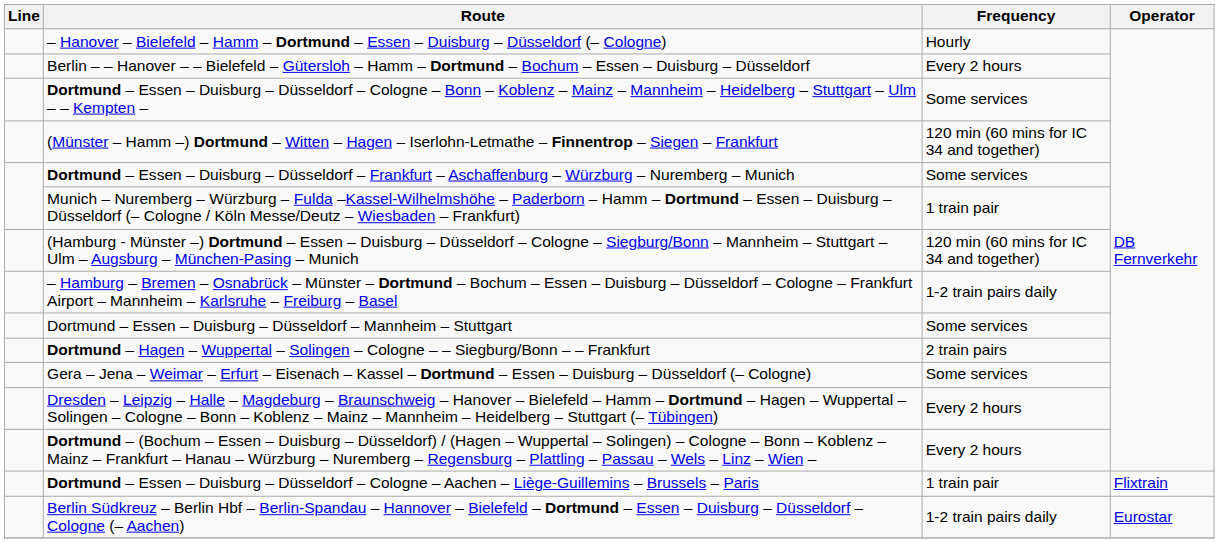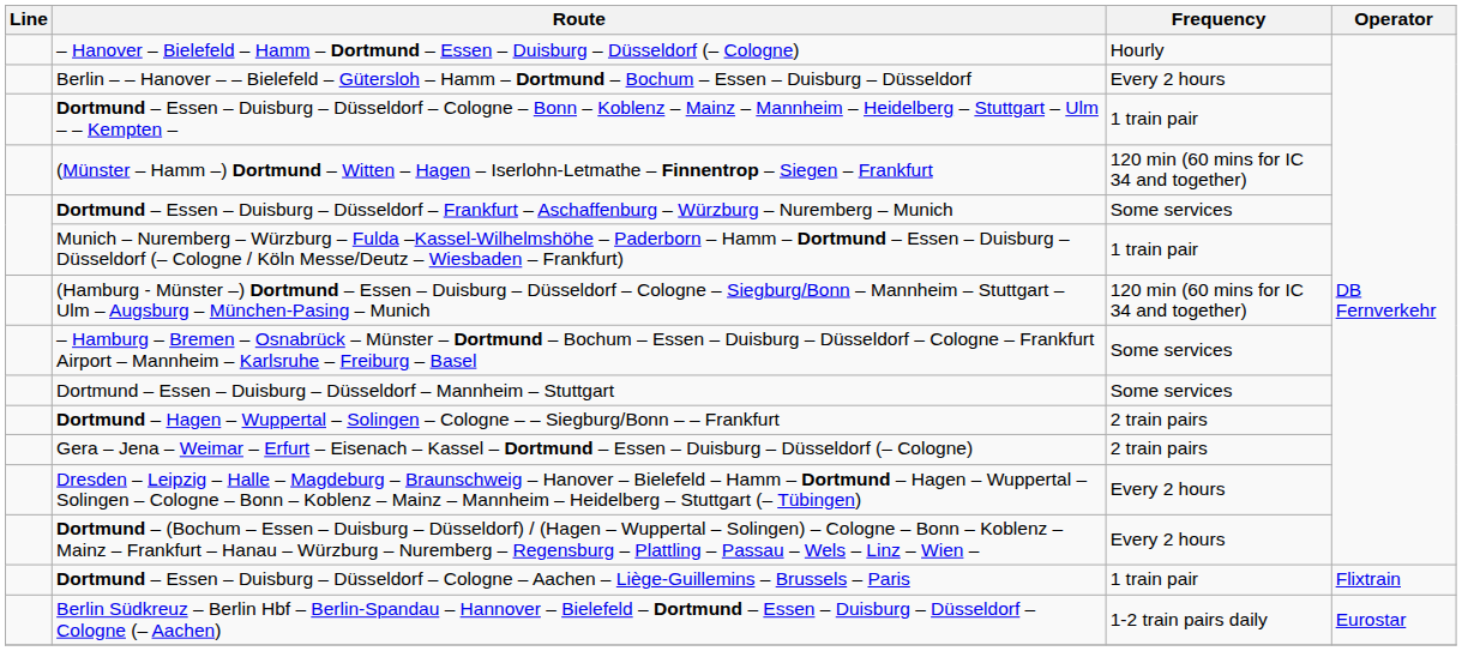 <table class="wikitable zebra">
 <tr class="hintergrundfarbe5">
 <th>Line</th>
 <th>Route</th>
 <th>Frequency</th>
 <th>Operator</th>
 </tr>
 <tr>
 <td></td>
 <td> – <a href='#'>Hanover</a> – <a href='#'>Bielefeld</a> – <a href='#'>Hamm</a> – <strong>Dortmund</strong> – <a href='#'>Essen</a> – <a href='#'>Duisburg</a> – <a href='#'>Düsseldorf</a> (– <a href='#'>Cologne</a>)</td>
 <td>Hourly</td>
 <td rowspan="13"><a href='#'>DB Fernverkehr</a></td>
 </tr>
 <tr>
 <td></td>
 <td>Berlin –  – Hanover –  – Bielefeld – <a href='#'>Gütersloh</a> – Hamm – <strong>Dortmund</strong> – <a href='#'>Bochum</a> – Essen – Duisburg – Düsseldorf</td>
 <td>Every 2 hours</td>
 </tr>
 <tr>
 <td></td>
 <td><strong>Dortmund</strong> – Essen – Duisburg – Düsseldorf – Cologne – <a href='#'>Bonn</a> – <a href='#'>Koblenz</a> – <a href='#'>Mainz</a> – <a href='#'>Mannheim</a> – <a href='#'>Heidelberg</a> – <a href='#'>Stuttgart</a> – <a href='#'>Ulm</a> –  – <a href='#'>Kempten</a> – </td>
-<td>Some services</td>
+<td>1 train pair</td>
 </tr>
 <tr>
 <td></td>
 <td>(<a href='#'>Münster</a> – Hamm –) <strong>Dortmund</strong> – <a href='#'>Witten</a> – <a href='#'>Hagen</a> – Iserlohn-Letmathe – <strong>Finnentrop</strong> – <a href='#'>Siegen</a> – <a href='#'>Frankfurt</a></td>
 <td>120 min (60 mins for IC 34 and  together)</td>
 </tr>
 <tr>
 <td rowspan="2"></td>
 <td><strong>Dortmund</strong> – Essen – Duisburg – Düsseldorf –   <a href='#'>Frankfurt</a> – <a href='#'>Aschaffenburg</a> – <a href='#'>Würzburg</a> – Nuremberg – Munich</td>
 <td>Some services</td>
 </tr>
 <tr>
 <td>Munich – Nuremberg – Würzburg – <a href='#'>Fulda</a> –<a href='#'>Kassel-Wilhelmshöhe</a> – <a href='#'>Paderborn</a> – Hamm – <strong>Dortmund</strong> – Essen – Duisburg – Düsseldorf (– Cologne / Köln Messe/Deutz – <a href='#'>Wiesbaden</a> – Frankfurt)</td>
 <td>1 train pair</td>
 </tr>
 <tr>
 <td></td>
 <td>(Hamburg - Münster –) <strong>Dortmund</strong> – Essen – Duisburg – Düsseldorf – Cologne – <a href='#'>Siegburg/Bonn</a> –  Mannheim – Stuttgart – Ulm – <a href='#'>Augsburg</a> – <a href='#'>München-Pasing</a> – Munich</td>
 <td>120 min (60 mins for IC 34 and  together)</td>
 </tr>
 <tr>
 <td></td>
 <td> – <a href='#'>Hamburg</a> – <a href='#'>Bremen</a> – <a href='#'>Osnabrück</a> – Münster – <strong>Dortmund</strong> – Bochum – Essen – Duisburg – Düsseldorf – Cologne  – Frankfurt Airport – Mannheim – <a href='#'>Karlsruhe</a> – <a href='#'>Freiburg</a> – <a href='#'>Basel</a></td>
-<td>1-2 train pairs daily</td>
+<td>Some services</td>
 </tr>
 <tr>
 <td></td>
 <td>Dortmund – Essen – Duisburg – Düsseldorf –    Mannheim – Stuttgart</td>
 <td>Some services</td>
 </tr>
 <tr>
 <td></td>
 <td><strong>Dortmund</strong> – <a href='#'>Hagen</a> – <a href='#'>Wuppertal</a> – <a href='#'>Solingen</a> – Cologne – <em></em> – Siegburg/Bonn –  –   Frankfurt</td>
 <td>2 train pairs</td>
 </tr>
 <tr>
 <td></td>
 <td>Gera – Jena – <a href='#'>Weimar</a> – <a href='#'>Erfurt</a> – Eisenach – Kassel – <strong>Dortmund</strong> – Essen – Duisburg – Düsseldorf (– Cologne)</td>
-<td>Some services</td>
+<td>2 train pairs</td>
 </tr>
 <tr>
 <td></td>
 <td><a href='#'>Dresden</a> – <a href='#'>Leipzig</a> – <a href='#'>Halle</a> – <a href='#'>Magdeburg</a> – <a href='#'>Braunschweig</a> – Hanover – Bielefeld – Hamm – <strong>Dortmund</strong> – Hagen – Wuppertal – Solingen –  Cologne – Bonn – Koblenz – Mainz – Mannheim – Heidelberg – Stuttgart (– <a href='#'>Tübingen</a>)</td>
 <td>Every 2 hours</td>
 </tr>
 <tr>
 <td></td>
 <td><strong>Dortmund</strong> – (Bochum – Essen – Duisburg – Düsseldorf) / (Hagen – Wuppertal – Solingen) – Cologne – Bonn – Koblenz – Mainz –  Frankfurt – Hanau – Würzburg – Nuremberg – <a href='#'>Regensburg</a> – <a href='#'>Plattling</a> – <a href='#'>Passau</a> – <a href='#'>Wels</a> – <a href='#'>Linz</a> –   <a href='#'>Wien</a> – </td>
 <td>Every 2 hours</td>
 </tr>
 <tr>
 <td></td>
 <td><strong>Dortmund</strong> – Essen – Duisburg –  Düsseldorf – Cologne – Aachen – <a href='#'>Liège-Guillemins</a> – <a href='#'>Brussels</a> – <a href='#'>Paris</a></td>
 <td>1 train pair</td>
 <td><a href='#'>Flixtrain</a></td>
 </tr>
 <tr>
 <td></td>
 <td><a href='#'>Berlin Südkreuz</a> – Berlin Hbf – <a href='#'>Berlin-Spandau</a> – <a href='#'>Hannover</a> – <a href='#'>Bielefeld</a> – <strong>Dortmund</strong> – <a href='#'>Essen</a> – <a href='#'>Duisburg</a> – <a href='#'>Düsseldorf</a> – <a href='#'>Cologne</a> (– <a href='#'>Aachen</a>)</td>
 <td>1-2 train pairs daily</td>
 <td><a href='#'>Eurostar</a></td>
 </tr>
 <tr>
 </tr>
 </table>
